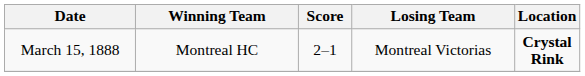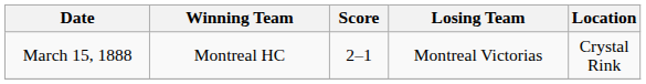 <table class="wikitable" style="text-align:center;">
 <tr>
 <th style="width:8em">Date</th>
 <th style="width:10em">Winning Team</th>
 <th style="width:3em">Score</th>
 <th style="width:10em">Losing Team</th>
 <th style="width:3em">Location</th>
 </tr>
 <tr>
 <td>March 15, 1888</td>
 <td>Montreal HC</td>
 <td>2–1</td>
 <td>Montreal Victorias</td>
-<td><strong>Crystal Rink</strong></td>
+<td>Crystal Rink</td>
 </tr>
 <tr>
 </tr>
 </table>
